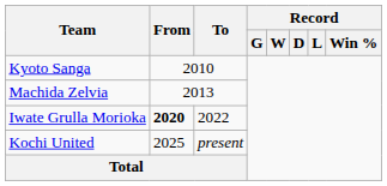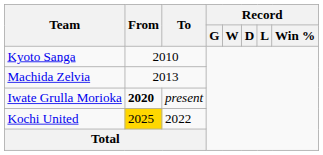 <table class="wikitable" style="text-align: center">
 <tr>
 <th rowspan="2">Team</th>
 <th rowspan="2">From</th>
 <th rowspan="2">To</th>
 <th colspan="5">Record</th>
 </tr>
 <tr>
 <th>G</th>
 <th>W</th>
 <th>D</th>
 <th>L</th>
 <th>Win %</th>
 </tr>
 <tr>
 <td align="left"><a href='#'>Kyoto Sanga</a></td>
 <td colspan="2" align="center">2010<br></td>
 </tr>
 <tr>
 <td align="left"><a href='#'>Machida Zelvia</a></td>
 <td colspan="2" align="center">2013<br></td>
 </tr>
 <tr>
 <td align="left"><a href='#'>Iwate Grulla Morioka</a></td>
 <td align="left"><strong>2020</strong></td>
-<td align="left">2022<br></td>
+<td align="left"><em>present</em><br></td>
 </tr>
 <tr>
 <td align="left"><a href='#'>Kochi United</a></td>
-<td align="left">2025</td>
-<td align="left"><em>present</em><br></td>
+<td align="left" style="background: gold;">2025</td>
+<td align="left">2022<br></td>
 </tr>
 <tr>
 <th colspan="3">Total<br></th>
 </tr>
 </table>
